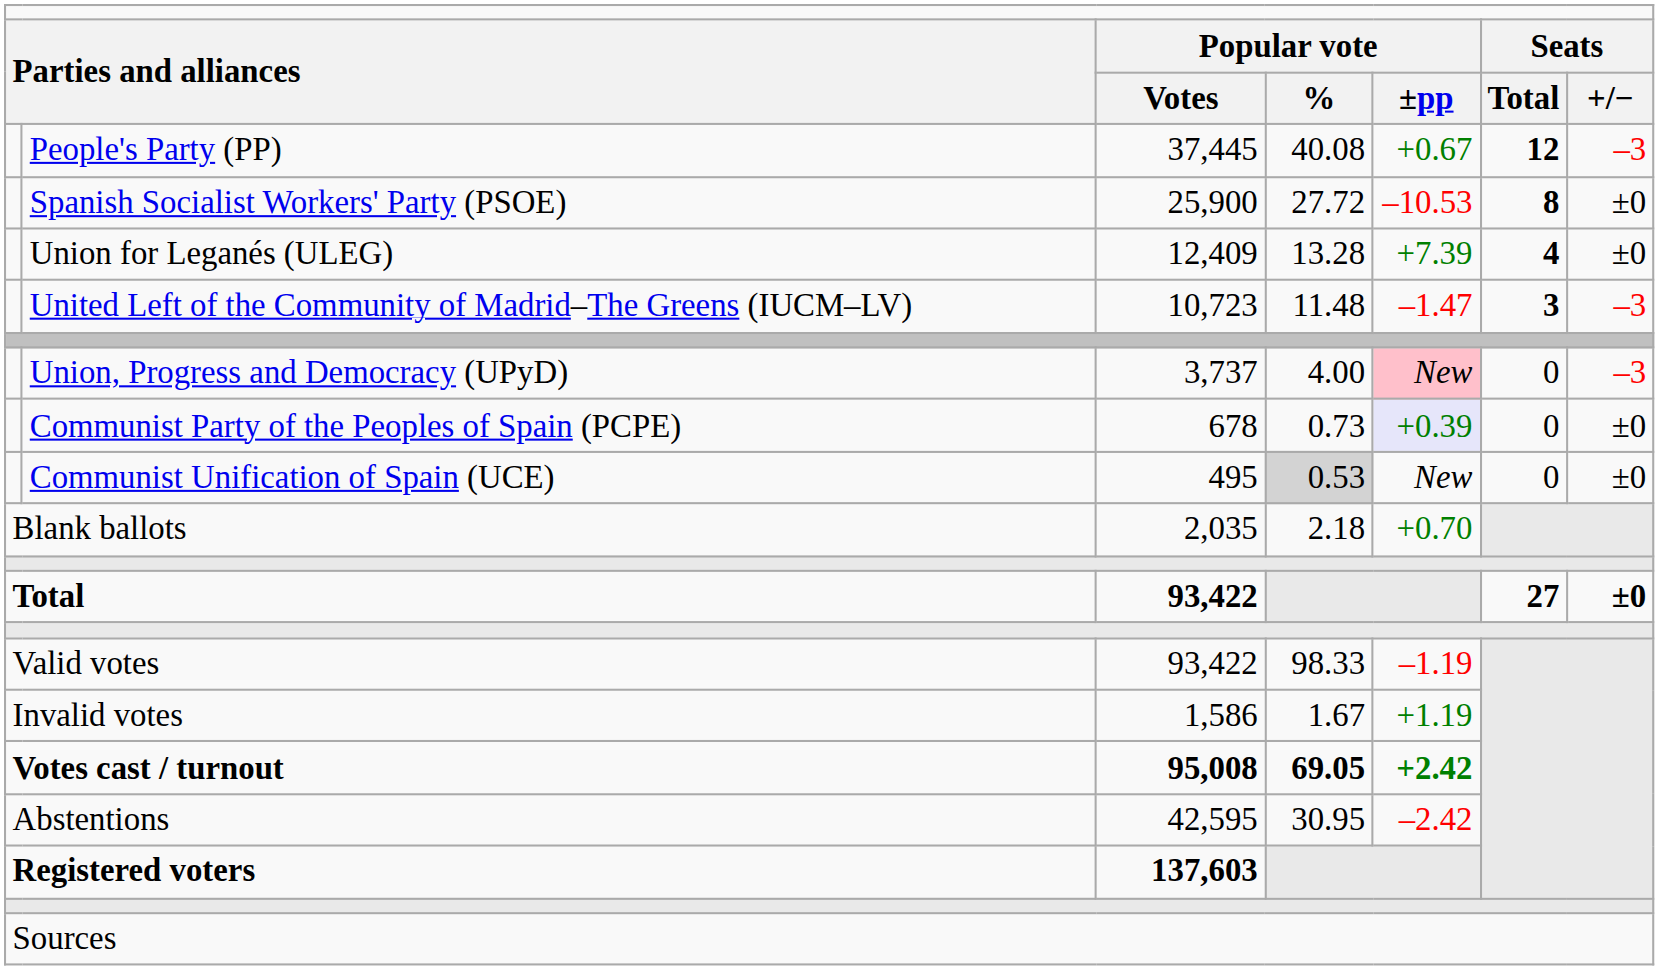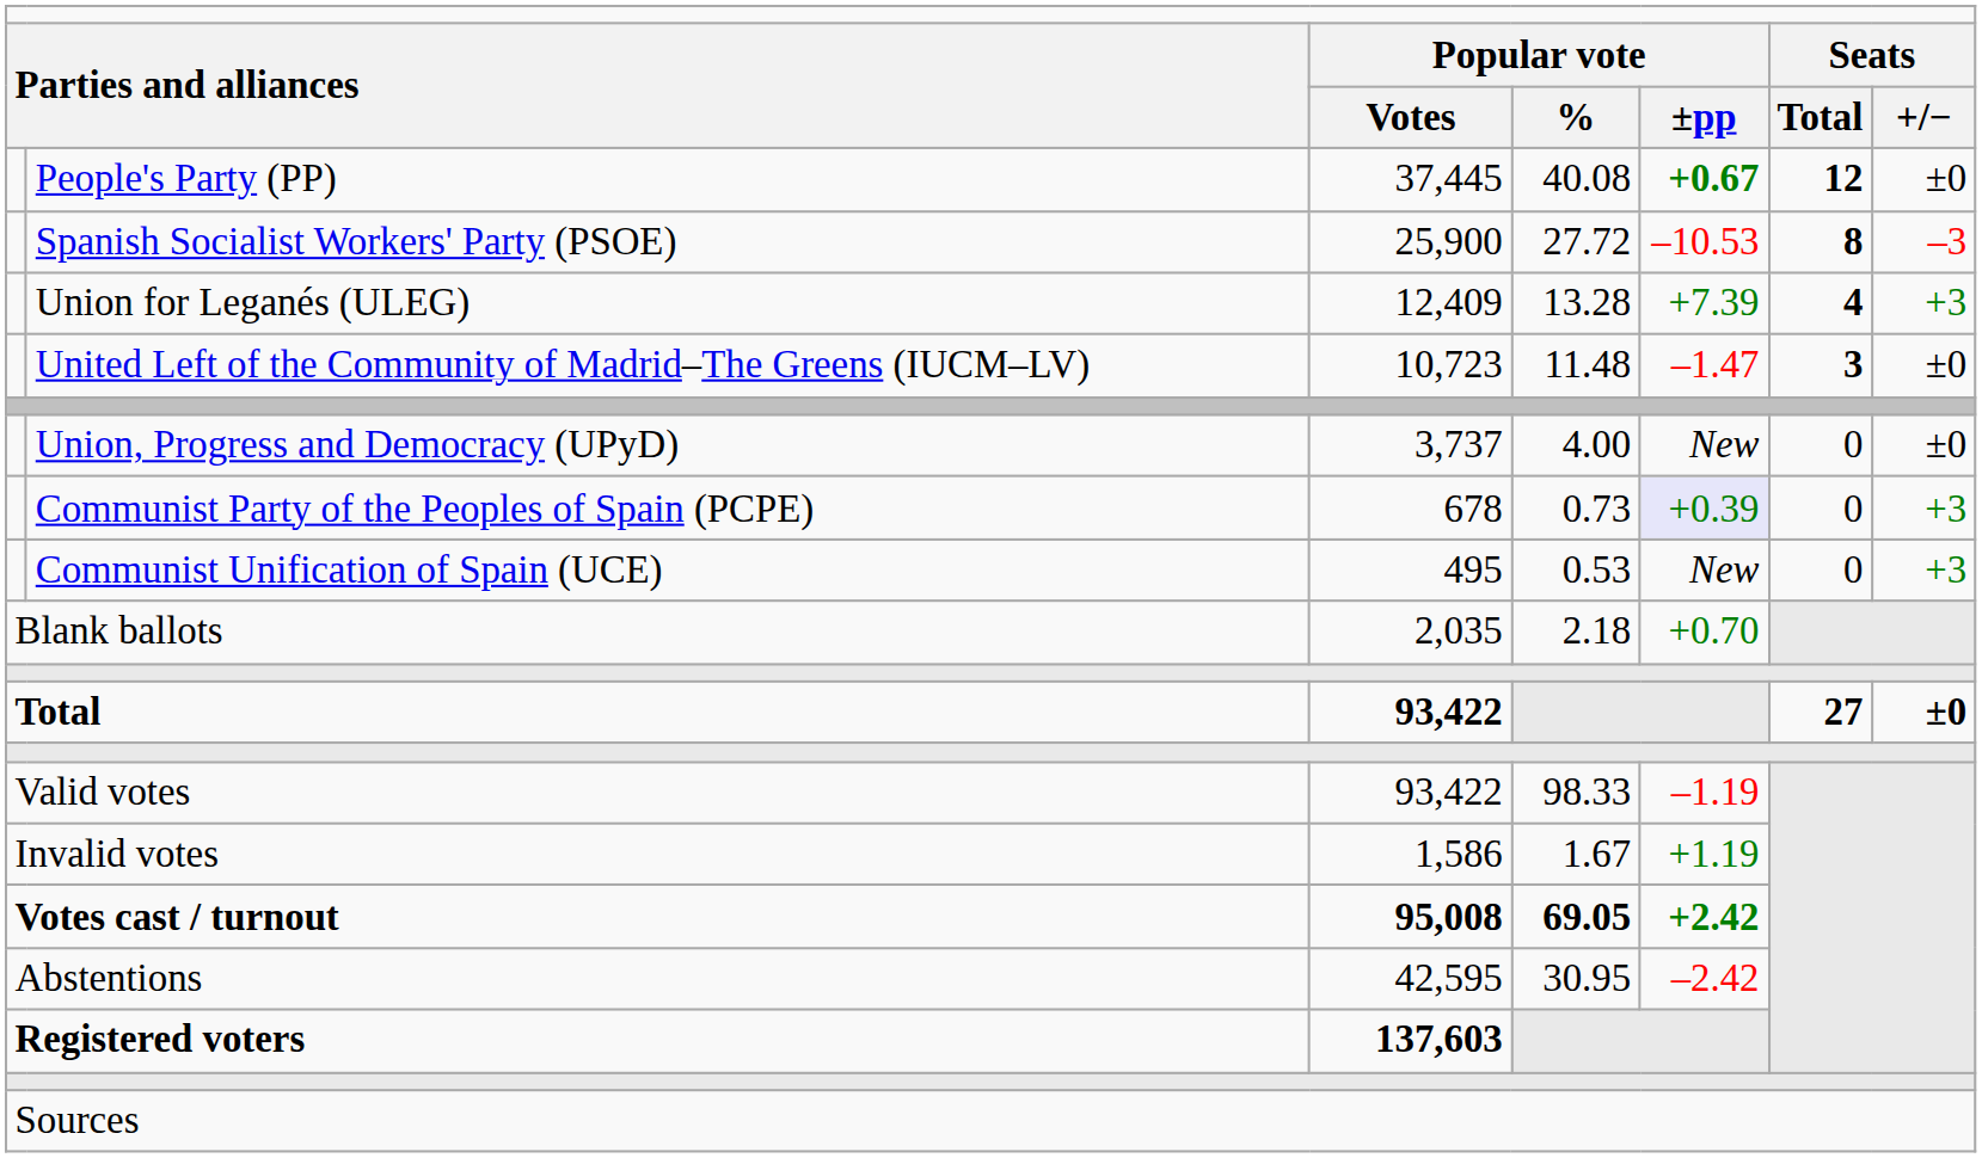 <table class="wikitable" style="text-align:right;">
 <tr>
 <td colspan="7"></td>
 </tr>
 <tr>
 <th style="text-align:left;" rowspan="2" colspan="2" width="525">Parties and alliances</th>
 <th colspan="3">Popular vote</th>
 <th colspan="2">Seats</th>
 </tr>
 <tr>
 <th width="75">Votes</th>
 <th width="45">%</th>
 <th width="45">±<a href='#'>pp</a></th>
 <th width="35">Total</th>
 <th width="35">+/−</th>
 </tr>
 <tr>
 <td width="1" style="color:inherit;background:"></td>
 <td align="left"><a href='#'>People's Party</a> (PP)</td>
 <td>37,445</td>
 <td>40.08</td>
-<td style="color:green;">+0.67</td>
+<td style="color:green;"><strong>+0.67</strong></td>
 <td><strong>12</strong></td>
-<td style="color:red;">–3</td>
+<td>±0</td>
 </tr>
 <tr>
 <td style="color:inherit;background:"></td>
 <td align="left"><a href='#'>Spanish Socialist Workers' Party</a> (PSOE)</td>
 <td>25,900</td>
 <td>27.72</td>
 <td style="color:red;">–10.53</td>
 <td><strong>8</strong></td>
-<td>±0</td>
+<td style="color:red;">–3</td>
 </tr>
 <tr>
 <td style="color:inherit;background:"></td>
 <td align="left">Union for Leganés (ULEG)</td>
 <td>12,409</td>
 <td>13.28</td>
 <td style="color:green;">+7.39</td>
 <td><strong>4</strong></td>
-<td>±0</td>
+<td style="color:green;">+3</td>
 </tr>
 <tr>
 <td style="color:inherit;background:"></td>
 <td align="left"><a href='#'>United Left of the Community of Madrid</a>–<a href='#'>The Greens</a> (IUCM–LV)</td>
 <td>10,723</td>
 <td>11.48</td>
 <td style="color:red;">–1.47</td>
 <td><strong>3</strong></td>
-<td style="color:red;">–3</td>
+<td>±0</td>
 </tr>
 <tr>
 <td colspan="7" bgcolor="#C0C0C0"></td>
 </tr>
 <tr>
 <td style="color:inherit;background:"></td>
 <td align="left"><a href='#'>Union, Progress and Democracy</a> (UPyD)</td>
 <td>3,737</td>
 <td>4.00</td>
-<td style="background: pink;"><em>New</em></td>
+<td><em>New</em></td>
 <td>0</td>
-<td style="color:red;">–3</td>
+<td>±0</td>
 </tr>
 <tr>
 <td style="color:inherit;background:"></td>
 <td align="left"><a href='#'>Communist Party of the Peoples of Spain</a> (PCPE)</td>
 <td>678</td>
 <td>0.73</td>
 <td style="background: lavender; color:green;">+0.39</td>
 <td>0</td>
-<td>±0</td>
+<td style="color:green;">+3</td>
 </tr>
 <tr>
 <td style="color:inherit;background:"></td>
 <td align="left"><a href='#'>Communist Unification of Spain</a> (UCE)</td>
 <td>495</td>
-<td style="background: lightgrey;">0.53</td>
+<td>0.53</td>
 <td><em>New</em></td>
 <td>0</td>
-<td>±0</td>
+<td style="color:green;">+3</td>
 </tr>
 <tr>
 <td align="left" colspan="2">Blank ballots</td>
 <td>2,035</td>
 <td>2.18</td>
 <td style="color:green;">+0.70</td>
 <td bgcolor="#E9E9E9" colspan="2"></td>
 </tr>
 <tr>
 <td colspan="7" bgcolor="#E9E9E9"></td>
 </tr>
 <tr style="font-weight:bold;">
 <td align="left" colspan="2">Total</td>
 <td>93,422</td>
 <td bgcolor="#E9E9E9" colspan="2"></td>
 <td>27</td>
 <td>±0</td>
 </tr>
 <tr>
 <td colspan="7" bgcolor="#E9E9E9"></td>
 </tr>
 <tr>
 <td align="left" colspan="2">Valid votes</td>
 <td>93,422</td>
 <td>98.33</td>
 <td style="color:red;">–1.19</td>
 <td bgcolor="#E9E9E9" colspan="2" rowspan="5"></td>
 </tr>
 <tr>
 <td align="left" colspan="2">Invalid votes</td>
 <td>1,586</td>
 <td>1.67</td>
 <td style="color:green;">+1.19</td>
 </tr>
 <tr style="font-weight:bold;">
 <td align="left" colspan="2">Votes cast / turnout</td>
 <td>95,008</td>
 <td>69.05</td>
 <td style="color:green;">+2.42</td>
 </tr>
 <tr>
 <td align="left" colspan="2">Abstentions</td>
 <td>42,595</td>
 <td>30.95</td>
 <td style="color:red;">–2.42</td>
 </tr>
 <tr style="font-weight:bold;">
 <td align="left" colspan="2">Registered voters</td>
 <td>137,603</td>
 <td bgcolor="#E9E9E9" colspan="2"></td>
 </tr>
 <tr>
 <td colspan="7" bgcolor="#E9E9E9"></td>
 </tr>
 <tr>
 <td align="left" colspan="7">Sources</td>
 </tr>
 </table>
